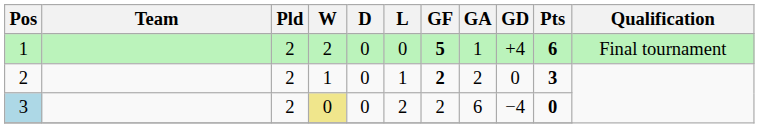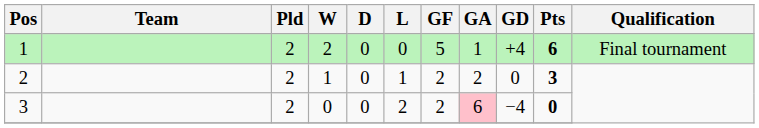 <table class="wikitable" border="1" style="text-align: center;">
 <tr>
 <th width="25"><abbr>Pos</abbr></th>
 <th width="190">Team</th>
 <th width="25"><abbr>Pld</abbr></th>
 <th width="25"><abbr>W</abbr></th>
 <th width="25"><abbr>D</abbr></th>
 <th width="25"><abbr>L</abbr></th>
 <th width="25"><abbr>GF</abbr></th>
 <th width="25"><abbr>GA</abbr></th>
 <th width="25"><abbr>GD</abbr></th>
 <th width="25"><abbr>Pts</abbr></th>
 <th width="150">Qualification</th>
 </tr>
 <tr bgcolor = #BBF3BB>
 <td>1</td>
 <td align="left"></td>
 <td>2</td>
 <td>2</td>
 <td>0</td>
 <td>0</td>
-<td><strong>5</strong></td>
+<td>5</td>
 <td>1</td>
 <td>+4</td>
 <td><strong>6</strong></td>
 <td>Final tournament</td>
 </tr>
 <tr>
 <td>2</td>
 <td align="left"></td>
 <td>2</td>
 <td>1</td>
 <td>0</td>
 <td>1</td>
-<td><strong>2</strong></td>
+<td>2</td>
 <td>2</td>
 <td>0</td>
 <td><strong>3</strong></td>
 </tr>
 <tr>
-<td style="background: lightblue;">3</td>
+<td>3</td>
 <td align="left"></td>
 <td>2</td>
-<td style="background: khaki;">0</td>
+<td>0</td>
 <td>0</td>
 <td>2</td>
 <td>2</td>
-<td>6</td>
+<td style="background: pink;">6</td>
 <td>−4</td>
 <td><strong>0</strong></td>
 </tr>
 <tr>
 </tr>
 </table>
